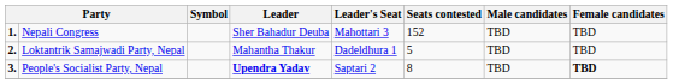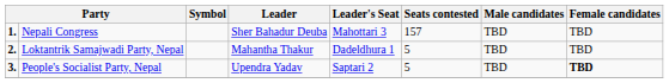 <table class="wikitable">
 <tr>
 <th colspan="2">Party</th>
 <th>Symbol</th>
 <th>Leader</th>
 <th>Leader's Seat</th>
 <th>Seats contested</th>
 <th>Male candidates</th>
 <th>Female candidates</th>
 </tr>
 <tr>
 <td style="text-align:center; background:"><strong>1.</strong></td>
 <td><a href='#'>Nepali Congress</a></td>
 <td></td>
 <td><a href='#'>Sher Bahadur Deuba</a></td>
 <td><a href='#'>Mahottari 3</a></td>
-<td>152</td>
+<td>157</td>
 <td>TBD</td>
 <td>TBD</td>
 </tr>
 <tr>
 <td style="text-align:center; background:"><strong>2.</strong></td>
 <td><a href='#'>Loktantrik Samajwadi Party, Nepal</a></td>
 <td></td>
 <td><a href='#'>Mahantha Thakur</a></td>
 <td><a href='#'>Dadeldhura 1</a></td>
 <td>5</td>
 <td>TBD</td>
 <td>TBD</td>
 </tr>
 <tr>
 <td style="text-align:center; background:"><strong>3.</strong></td>
 <td><a href='#'>People's Socialist Party, Nepal</a></td>
 <td></td>
-<td><strong><a href='#'>Upendra Yadav</a></strong></td>
+<td><a href='#'>Upendra Yadav</a></td>
 <td><a href='#'>Saptari 2</a></td>
-<td>8</td>
+<td>5</td>
 <td>TBD</td>
 <td><strong>TBD</strong></td>
 </tr>
 <tr>
 </tr>
 </table>
